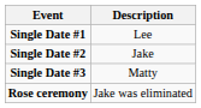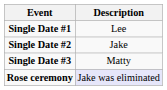 <table class="wikitable sortable" style="text-align:center;">
 <tr>
 <th>Event</th>
 <th>Description</th>
 </tr>
 <tr>
 <td><strong>Single Date #1</strong></td>
 <td>Lee</td>
 </tr>
 <tr>
 <td><strong>Single Date #2</strong></td>
 <td>Jake</td>
 </tr>
 <tr>
 <td><strong>Single Date #3</strong></td>
 <td>Matty</td>
 </tr>
 <tr>
 <td><strong>Rose ceremony</strong></td>
-<td>Jake was eliminated</td>
+<td style="background: lavender;">Jake was eliminated</td>
 </tr>
 </table>
